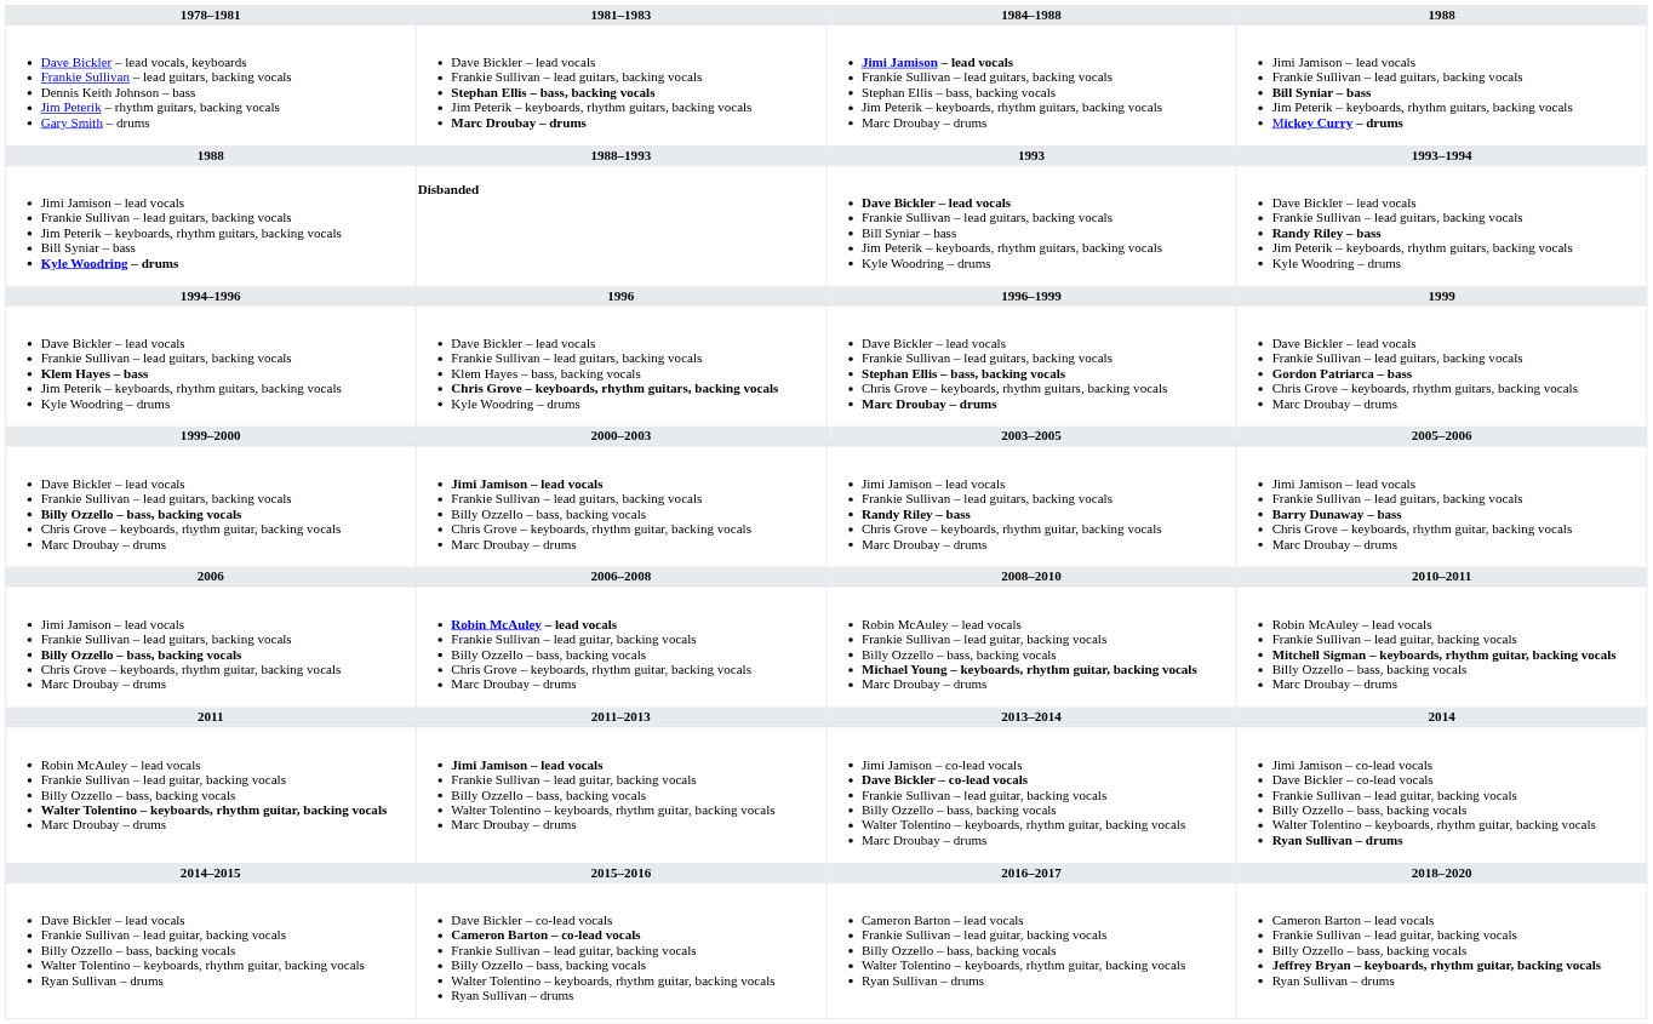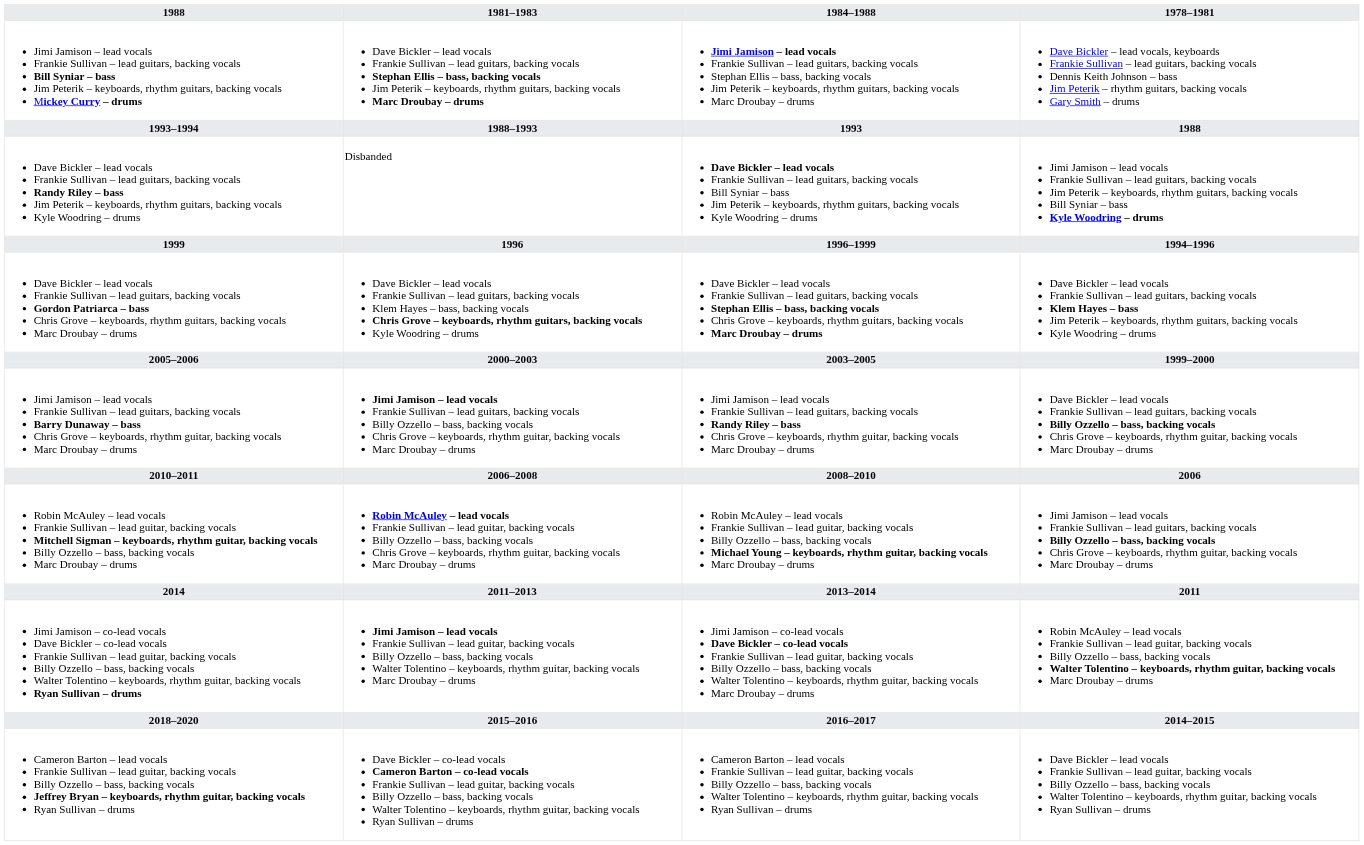 <table class="toccolours" border=1 cellpadding=2 cellspacing=0 style="float: width: 375px; margin: 0 0 1em 1em; border-collapse: collapse; border: 1px solid #E2E2E2;" width=99%>
 <tr>
-<th bgcolor="#E7EBEE" valign=top width=25%>1978–1981</th>
+<th bgcolor="#E7EBEE" valign=top width=25%>1988</th>
 <th bgcolor="#E7EBEE" valign=top width=25%>1981–1983</th>
 <th bgcolor="#E7EBEE" valign=top width=25%>1984–1988</th>
+<th bgcolor="#E7EBEE" valign=top width=25%>1978–1981</th>
+</tr>
+<tr>
+<td valign=top><br><ul><li>Jimi Jamison – lead vocals</li><li>Frankie Sullivan – lead guitars, backing vocals</li><li><strong>Bill Syniar – bass</strong></li><li>Jim Peterik – keyboards, rhythm guitars, backing vocals</li><li><a href='#'>M<strong>ickey Curry</strong></a> <strong>– drums</strong></li></ul></td>
+<td valign=top><br><ul><li>Dave Bickler – lead vocals</li><li>Frankie Sullivan – lead guitars, backing vocals</li><li><strong>Stephan Ellis – bass, backing vocals</strong></li><li>Jim Peterik – keyboards, rhythm guitars, backing vocals</li><li><strong>Marc Droubay – drums</strong></li></ul></td>
+<td valign=top><br><ul><li><strong><a href='#'>Jimi Jamison</a> – lead vocals</strong></li><li>Frankie Sullivan – lead guitars, backing vocals</li><li>Stephan Ellis – bass, backing vocals</li><li>Jim Peterik – keyboards, rhythm guitars, backing vocals</li><li>Marc Droubay – drums</li></ul></td>
+<td valign=top><br><ul><li><a href='#'>Dave Bickler</a> – lead vocals, keyboards</li><li><a href='#'>Frankie Sullivan</a> – lead guitars, backing vocals</li><li>Dennis Keith Johnson – bass</li><li><a href='#'>Jim Peterik</a> – rhythm guitars, backing vocals</li><li><a href='#'>Gary Smith</a> – drums</li></ul></td>
+</tr>
+<tr>
+<th bgcolor="#E7EBEE" valign=top width=25%>1993–1994</th>
+<th bgcolor="#E7EBEE" valign=top width=25%>1988–1993</th>
+<th bgcolor="#E7EBEE" valign=top width=25%>1993</th>
 <th bgcolor="#E7EBEE" valign=top width=25%>1988</th>
 </tr>
 <tr>
-<td valign=top><br><ul><li><a href='#'>Dave Bickler</a> – lead vocals, keyboards</li><li><a href='#'>Frankie Sullivan</a> – lead guitars, backing vocals</li><li>Dennis Keith Johnson – bass</li><li><a href='#'>Jim Peterik</a> – rhythm guitars, backing vocals</li><li><a href='#'>Gary Smith</a> – drums</li></ul></td>
-<td valign=top><br><ul><li>Dave Bickler – lead vocals</li><li>Frankie Sullivan – lead guitars, backing vocals</li><li><strong>Stephan Ellis – bass, backing vocals</strong></li><li>Jim Peterik – keyboards, rhythm guitars, backing vocals</li><li><strong>Marc Droubay – drums</strong></li></ul></td>
-<td valign=top><br><ul><li><strong><a href='#'>Jimi Jamison</a> – lead vocals</strong></li><li>Frankie Sullivan – lead guitars, backing vocals</li><li>Stephan Ellis – bass, backing vocals</li><li>Jim Peterik – keyboards, rhythm guitars, backing vocals</li><li>Marc Droubay – drums</li></ul></td>
-<td valign=top><br><ul><li>Jimi Jamison – lead vocals</li><li>Frankie Sullivan – lead guitars, backing vocals</li><li><strong>Bill Syniar – bass</strong></li><li>Jim Peterik – keyboards, rhythm guitars, backing vocals</li><li><a href='#'>M<strong>ickey Curry</strong></a> <strong>– drums</strong></li></ul></td>
+<td valign=top><br><ul><li>Dave Bickler – lead vocals</li><li>Frankie Sullivan – lead guitars, backing vocals</li><li><strong>Randy Riley – bass</strong></li><li>Jim Peterik – keyboards, rhythm guitars, backing vocals</li><li>Kyle Woodring – drums</li></ul></td>
+<td valign=top><br>Disbanded</td>
+<td valign=top><br><ul><li><strong>Dave Bickler – lead vocals</strong></li><li>Frankie Sullivan – lead guitars, backing vocals</li><li>Bill Syniar – bass</li><li>Jim Peterik – keyboards, rhythm guitars, backing vocals</li><li>Kyle Woodring – drums</li></ul></td>
+<td valign=top><br><ul><li>Jimi Jamison – lead vocals</li><li>Frankie Sullivan – lead guitars, backing vocals</li><li>Jim Peterik – keyboards, rhythm guitars, backing vocals</li><li>Bill Syniar – bass</li><li><strong><a href='#'>Kyle Woodring</a> – drums</strong></li></ul></td>
 </tr>
 <tr>
-<th bgcolor="#E7EBEE" valign=top width=25%>1988</th>
-<th bgcolor="#E7EBEE" valign=top width=25%>1988–1993</th>
-<th bgcolor="#E7EBEE" valign=top width=25%>1993</th>
-<th bgcolor="#E7EBEE" valign=top width=25%>1993–1994</th>
+<th bgcolor="#E7EBEE" valign=top width=25%>1999</th>
+<th bgcolor="#E7EBEE" valign=top width=25%>1996</th>
+<th bgcolor="#E7EBEE" valign=top width=25%>1996–1999</th>
+<th bgcolor="#E7EBEE" valign=top width=25%>1994–1996</th>
 </tr>
 <tr>
-<td valign=top><br><ul><li>Jimi Jamison – lead vocals</li><li>Frankie Sullivan – lead guitars, backing vocals</li><li>Jim Peterik – keyboards, rhythm guitars, backing vocals</li><li>Bill Syniar – bass</li><li><strong><a href='#'>Kyle Woodring</a> – drums</strong></li></ul></td>
-<td valign=top><strong><br>Disbanded</strong></td>
-<td valign=top><br><ul><li><strong>Dave Bickler – lead vocals</strong></li><li>Frankie Sullivan – lead guitars, backing vocals</li><li>Bill Syniar – bass</li><li>Jim Peterik – keyboards, rhythm guitars, backing vocals</li><li>Kyle Woodring – drums</li></ul></td>
-<td valign=top><br><ul><li>Dave Bickler – lead vocals</li><li>Frankie Sullivan – lead guitars, backing vocals</li><li><strong>Randy Riley – bass</strong></li><li>Jim Peterik – keyboards, rhythm guitars, backing vocals</li><li>Kyle Woodring – drums</li></ul></td>
+<td valign=top><br><ul><li>Dave Bickler – lead vocals</li><li>Frankie Sullivan – lead guitars, backing vocals</li><li><strong>Gordon Patriarca – bass</strong></li><li>Chris Grove – keyboards, rhythm guitars, backing vocals</li><li>Marc Droubay – drums</li></ul></td>
+<td valign=top><br><ul><li>Dave Bickler – lead vocals</li><li>Frankie Sullivan – lead guitars, backing vocals</li><li>Klem Hayes – bass, backing vocals</li><li><strong>Chris Grove – keyboards, rhythm guitars, backing vocals</strong></li><li>Kyle Woodring – drums</li></ul></td>
+<td valign=top><br><ul><li>Dave Bickler – lead vocals</li><li>Frankie Sullivan – lead guitars, backing vocals</li><li><strong>Stephan Ellis – bass, backing vocals</strong></li><li>Chris Grove – keyboards, rhythm guitars, backing vocals</li><li><strong>Marc Droubay – drums</strong></li></ul></td>
+<td valign=top><br><ul><li>Dave Bickler – lead vocals</li><li>Frankie Sullivan – lead guitars, backing vocals</li><li><strong>Klem Hayes – bass</strong></li><li>Jim Peterik – keyboards, rhythm guitars, backing vocals</li><li>Kyle Woodring – drums</li></ul></td>
 </tr>
 <tr>
-<th bgcolor="#E7EBEE" valign=top width=25%>1994–1996</th>
-<th bgcolor="#E7EBEE" valign=top width=25%>1996</th>
-<th bgcolor="#E7EBEE" valign=top width=25%>1996–1999</th>
-<th bgcolor="#E7EBEE" valign=top width=25%>1999</th>
+<th bgcolor="#E7EBEE" valign=top width=25%>2005–2006</th>
+<th bgcolor="#E7EBEE" valign=top width=25%>2000–2003</th>
+<th bgcolor="#E7EBEE" valign=top width=25%>2003–2005</th>
+<th bgcolor="#E7EBEE" valign=top width=25%>1999–2000</th>
 </tr>
 <tr>
-<td valign=top><br><ul><li>Dave Bickler – lead vocals</li><li>Frankie Sullivan – lead guitars, backing vocals</li><li><strong>Klem Hayes – bass</strong></li><li>Jim Peterik – keyboards, rhythm guitars, backing vocals</li><li>Kyle Woodring – drums</li></ul></td>
-<td valign=top><br><ul><li>Dave Bickler – lead vocals</li><li>Frankie Sullivan – lead guitars, backing vocals</li><li>Klem Hayes – bass, backing vocals</li><li><strong>Chris Grove – keyboards, rhythm guitars, backing vocals</strong></li><li>Kyle Woodring – drums</li></ul></td>
-<td valign=top><br><ul><li>Dave Bickler – lead vocals</li><li>Frankie Sullivan – lead guitars, backing vocals</li><li><strong>Stephan Ellis – bass, backing vocals</strong></li><li>Chris Grove – keyboards, rhythm guitars, backing vocals</li><li><strong>Marc Droubay – drums</strong></li></ul></td>
-<td valign=top><br><ul><li>Dave Bickler – lead vocals</li><li>Frankie Sullivan – lead guitars, backing vocals</li><li><strong>Gordon Patriarca – bass</strong></li><li>Chris Grove – keyboards, rhythm guitars, backing vocals</li><li>Marc Droubay – drums</li></ul></td>
+<td valign=top><br><ul><li>Jimi Jamison – lead vocals</li><li>Frankie Sullivan – lead guitars, backing vocals</li><li><strong>Barry Dunaway – bass</strong></li><li>Chris Grove – keyboards, rhythm guitar, backing vocals</li><li>Marc Droubay – drums</li></ul></td>
+<td valign=top><br><ul><li><strong>Jimi Jamison – lead vocals</strong></li><li>Frankie Sullivan – lead guitars, backing vocals</li><li>Billy Ozzello – bass, backing vocals</li><li>Chris Grove – keyboards, rhythm guitar, backing vocals</li><li>Marc Droubay – drums</li></ul></td>
+<td valign=top><br><ul><li>Jimi Jamison – lead vocals</li><li>Frankie Sullivan – lead guitars, backing vocals</li><li><strong>Randy Riley – bass</strong></li><li>Chris Grove – keyboards, rhythm guitar, backing vocals</li><li>Marc Droubay – drums</li></ul></td>
+<td valign=top><br><ul><li>Dave Bickler – lead vocals</li><li>Frankie Sullivan – lead guitars, backing vocals</li><li><strong>Billy Ozzello – bass, backing vocals</strong></li><li>Chris Grove – keyboards, rhythm guitar, backing vocals</li><li>Marc Droubay – drums</li></ul></td>
 </tr>
 <tr>
-<th bgcolor="#E7EBEE" valign=top width=25%>1999–2000</th>
-<th bgcolor="#E7EBEE" valign=top width=25%>2000–2003</th>
-<th bgcolor="#E7EBEE" valign=top width=25%>2003–2005</th>
-<th bgcolor="#E7EBEE" valign=top width=25%>2005–2006</th>
+<th bgcolor="#E7EBEE" valign=top width=25%>2010–2011</th>
+<th bgcolor="#E7EBEE" valign=top width=25%>2006–2008</th>
+<th bgcolor="#E7EBEE" valign=top width=25%>2008–2010</th>
+<th bgcolor="#E7EBEE" valign=top width=25%>2006</th>
 </tr>
 <tr>
-<td valign=top><br><ul><li>Dave Bickler – lead vocals</li><li>Frankie Sullivan – lead guitars, backing vocals</li><li><strong>Billy Ozzello – bass, backing vocals</strong></li><li>Chris Grove – keyboards, rhythm guitar, backing vocals</li><li>Marc Droubay – drums</li></ul></td>
-<td valign=top><br><ul><li><strong>Jimi Jamison – lead vocals</strong></li><li>Frankie Sullivan – lead guitars, backing vocals</li><li>Billy Ozzello – bass, backing vocals</li><li>Chris Grove – keyboards, rhythm guitar, backing vocals</li><li>Marc Droubay – drums</li></ul></td>
-<td valign=top><br><ul><li>Jimi Jamison – lead vocals</li><li>Frankie Sullivan – lead guitars, backing vocals</li><li><strong>Randy Riley – bass</strong></li><li>Chris Grove – keyboards, rhythm guitar, backing vocals</li><li>Marc Droubay – drums</li></ul></td>
-<td valign=top><br><ul><li>Jimi Jamison – lead vocals</li><li>Frankie Sullivan – lead guitars, backing vocals</li><li><strong>Barry Dunaway – bass</strong></li><li>Chris Grove – keyboards, rhythm guitar, backing vocals</li><li>Marc Droubay – drums</li></ul></td>
+<td valign=top><br><ul><li>Robin McAuley – lead vocals</li><li>Frankie Sullivan – lead guitar, backing vocals</li><li><strong>Mitchell Sigman – keyboards, rhythm guitar, backing vocals</strong></li><li>Billy Ozzello – bass, backing vocals</li><li>Marc Droubay – drums</li></ul></td>
+<td valign=top><br><ul><li><strong><a href='#'>Robin McAuley</a> – lead vocals</strong></li><li>Frankie Sullivan – lead guitar, backing vocals</li><li>Billy Ozzello – bass, backing vocals</li><li>Chris Grove – keyboards, rhythm guitar, backing vocals</li><li>Marc Droubay – drums</li></ul></td>
+<td valign=top><br><ul><li>Robin McAuley – lead vocals</li><li>Frankie Sullivan – lead guitar, backing vocals</li><li>Billy Ozzello – bass, backing vocals</li><li><strong>Michael Young – keyboards, rhythm guitar, backing vocals</strong></li><li>Marc Droubay – drums</li></ul></td>
+<td valign=top><br><ul><li>Jimi Jamison – lead vocals</li><li>Frankie Sullivan – lead guitars, backing vocals</li><li><strong>Billy Ozzello – bass, backing vocals</strong></li><li>Chris Grove – keyboards, rhythm guitar, backing vocals</li><li>Marc Droubay – drums</li></ul></td>
 </tr>
 <tr>
-<th bgcolor="#E7EBEE" valign=top width=25%>2006</th>
-<th bgcolor="#E7EBEE" valign=top width=25%>2006–2008</th>
-<th bgcolor="#E7EBEE" valign=top width=25%>2008–2010</th>
-<th bgcolor="#E7EBEE" valign=top width=25%>2010–2011</th>
+<th bgcolor="#E7EBEE" valign=top width=25%>2014</th>
+<th bgcolor="#E7EBEE" valign=top width=25%>2011–2013</th>
+<th bgcolor="#E7EBEE" valign=top width=25%>2013–2014</th>
+<th bgcolor="#E7EBEE" valign=top width=25%>2011</th>
 </tr>
 <tr>
-<td valign=top><br><ul><li>Jimi Jamison – lead vocals</li><li>Frankie Sullivan – lead guitars, backing vocals</li><li><strong>Billy Ozzello – bass, backing vocals</strong></li><li>Chris Grove – keyboards, rhythm guitar, backing vocals</li><li>Marc Droubay – drums</li></ul></td>
-<td valign=top><br><ul><li><strong><a href='#'>Robin McAuley</a> – lead vocals</strong></li><li>Frankie Sullivan – lead guitar, backing vocals</li><li>Billy Ozzello – bass, backing vocals</li><li>Chris Grove – keyboards, rhythm guitar, backing vocals</li><li>Marc Droubay – drums</li></ul></td>
-<td valign=top><br><ul><li>Robin McAuley – lead vocals</li><li>Frankie Sullivan – lead guitar, backing vocals</li><li>Billy Ozzello – bass, backing vocals</li><li><strong>Michael Young – keyboards, rhythm guitar, backing vocals</strong></li><li>Marc Droubay – drums</li></ul></td>
-<td valign=top><br><ul><li>Robin McAuley – lead vocals</li><li>Frankie Sullivan – lead guitar, backing vocals</li><li><strong>Mitchell Sigman – keyboards, rhythm guitar, backing vocals</strong></li><li>Billy Ozzello – bass, backing vocals</li><li>Marc Droubay – drums</li></ul></td>
+<td valign=top><br><ul><li>Jimi Jamison – co-lead vocals</li><li>Dave Bickler – co-lead vocals</li><li>Frankie Sullivan – lead guitar, backing vocals</li><li>Billy Ozzello – bass, backing vocals</li><li>Walter Tolentino – keyboards, rhythm guitar, backing vocals</li><li><strong>Ryan Sullivan – drums</strong></li></ul></td>
+<td valign=top><br><ul><li><strong>Jimi Jamison – lead vocals</strong></li><li>Frankie Sullivan – lead guitar, backing vocals</li><li>Billy Ozzello – bass, backing vocals</li><li>Walter Tolentino – keyboards, rhythm guitar, backing vocals</li><li>Marc Droubay – drums</li></ul></td>
+<td valign=top><br><ul><li>Jimi Jamison – co-lead vocals</li><li><strong>Dave Bickler – co-lead vocals</strong></li><li>Frankie Sullivan – lead guitar, backing vocals</li><li>Billy Ozzello – bass, backing vocals</li><li>Walter Tolentino – keyboards, rhythm guitar, backing vocals</li><li>Marc Droubay – drums</li></ul></td>
+<td valign=top><br><ul><li>Robin McAuley – lead vocals</li><li>Frankie Sullivan – lead guitar, backing vocals</li><li>Billy Ozzello – bass, backing vocals</li><li><strong>Walter Tolentino – keyboards, rhythm guitar, backing vocals</strong></li><li>Marc Droubay – drums</li></ul></td>
 </tr>
 <tr>
-<th bgcolor="#E7EBEE" valign=top width=25%>2011</th>
-<th bgcolor="#E7EBEE" valign=top width=25%>2011–2013</th>
-<th bgcolor="#E7EBEE" valign=top width=25%>2013–2014</th>
-<th bgcolor="#E7EBEE" valign=top width=25%>2014</th>
+<th bgcolor="#E7EBEE" valign=top width=25%>2018–2020</th>
+<th bgcolor="#E7EBEE" valign=top width=25%>2015–2016</th>
+<th bgcolor="#E7EBEE" valign=top width=25%>2016–2017</th>
+<th bgcolor="#E7EBEE" valign=top width=25%>2014–2015</th>
 </tr>
 <tr>
-<td valign=top><br><ul><li>Robin McAuley – lead vocals</li><li>Frankie Sullivan – lead guitar, backing vocals</li><li>Billy Ozzello – bass, backing vocals</li><li><strong>Walter Tolentino – keyboards, rhythm guitar, backing vocals</strong></li><li>Marc Droubay – drums</li></ul></td>
-<td valign=top><br><ul><li><strong>Jimi Jamison – lead vocals</strong></li><li>Frankie Sullivan – lead guitar, backing vocals</li><li>Billy Ozzello – bass, backing vocals</li><li>Walter Tolentino – keyboards, rhythm guitar, backing vocals</li><li>Marc Droubay – drums</li></ul></td>
-<td valign=top><br><ul><li>Jimi Jamison – co-lead vocals</li><li><strong>Dave Bickler – co-lead vocals</strong></li><li>Frankie Sullivan – lead guitar, backing vocals</li><li>Billy Ozzello – bass, backing vocals</li><li>Walter Tolentino – keyboards, rhythm guitar, backing vocals</li><li>Marc Droubay – drums</li></ul></td>
-<td valign=top><br><ul><li>Jimi Jamison – co-lead vocals</li><li>Dave Bickler – co-lead vocals</li><li>Frankie Sullivan – lead guitar, backing vocals</li><li>Billy Ozzello – bass, backing vocals</li><li>Walter Tolentino – keyboards, rhythm guitar, backing vocals</li><li><strong>Ryan Sullivan – drums</strong></li></ul></td>
-</tr>
-<tr>
-<th bgcolor="#E7EBEE" valign=top width=25%>2014–2015</th>
-<th bgcolor="#E7EBEE" valign=top width=25%>2015–2016</th>
-<th bgcolor="#E7EBEE" valign=top width=25%>2016–2017</th>
-<th bgcolor="#E7EBEE" valign=top width=25%>2018–2020</th>
-</tr>
-<tr>
-<td valign=top><br><ul><li>Dave Bickler – lead vocals</li><li>Frankie Sullivan – lead guitar, backing vocals</li><li>Billy Ozzello – bass, backing vocals</li><li>Walter Tolentino – keyboards, rhythm guitar, backing vocals</li><li>Ryan Sullivan – drums</li></ul></td>
+<td valign=top><br><ul><li>Cameron Barton – lead vocals</li><li>Frankie Sullivan – lead guitar, backing vocals</li><li>Billy Ozzello – bass, backing vocals</li><li><strong>Jeffrey Bryan – keyboards, rhythm guitar, backing vocals</strong></li><li>Ryan Sullivan – drums</li></ul></td>
 <td valign=top><br><ul><li>Dave Bickler – co-lead vocals</li><li><strong>Cameron Barton – co-lead vocals</strong></li><li>Frankie Sullivan – lead guitar, backing vocals</li><li>Billy Ozzello – bass, backing vocals</li><li>Walter Tolentino – keyboards, rhythm guitar, backing vocals</li><li>Ryan Sullivan – drums</li></ul></td>
 <td valign=top><br><ul><li>Cameron Barton – lead vocals</li><li>Frankie Sullivan – lead guitar, backing vocals</li><li>Billy Ozzello – bass, backing vocals</li><li>Walter Tolentino – keyboards, rhythm guitar, backing vocals</li><li>Ryan Sullivan – drums</li></ul></td>
-<td valign=top><br><ul><li>Cameron Barton – lead vocals</li><li>Frankie Sullivan – lead guitar, backing vocals</li><li>Billy Ozzello – bass, backing vocals</li><li><strong>Jeffrey Bryan – keyboards, rhythm guitar, backing vocals</strong></li><li>Ryan Sullivan – drums</li></ul></td>
+<td valign=top><br><ul><li>Dave Bickler – lead vocals</li><li>Frankie Sullivan – lead guitar, backing vocals</li><li>Billy Ozzello – bass, backing vocals</li><li>Walter Tolentino – keyboards, rhythm guitar, backing vocals</li><li>Ryan Sullivan – drums</li></ul></td>
 </tr>
 </table>
